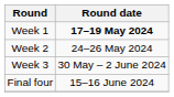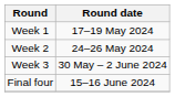 <table class="wikitable" style="text-align:center">
 <tr>
 <th>Round</th>
 <th>Round date</th>
 </tr>
 <tr>
 <td>Week 1</td>
-<td><strong>17–19 May 2024</strong></td>
+<td>17–19 May 2024</td>
 </tr>
 <tr>
 <td>Week 2</td>
 <td>24–26 May 2024</td>
 </tr>
 <tr>
 <td>Week 3</td>
 <td>30 May – 2 June 2024</td>
 </tr>
 <tr>
 <td>Final four</td>
 <td>15–16 June 2024</td>
 </tr>
 <tr>
 </tr>
 </table>
